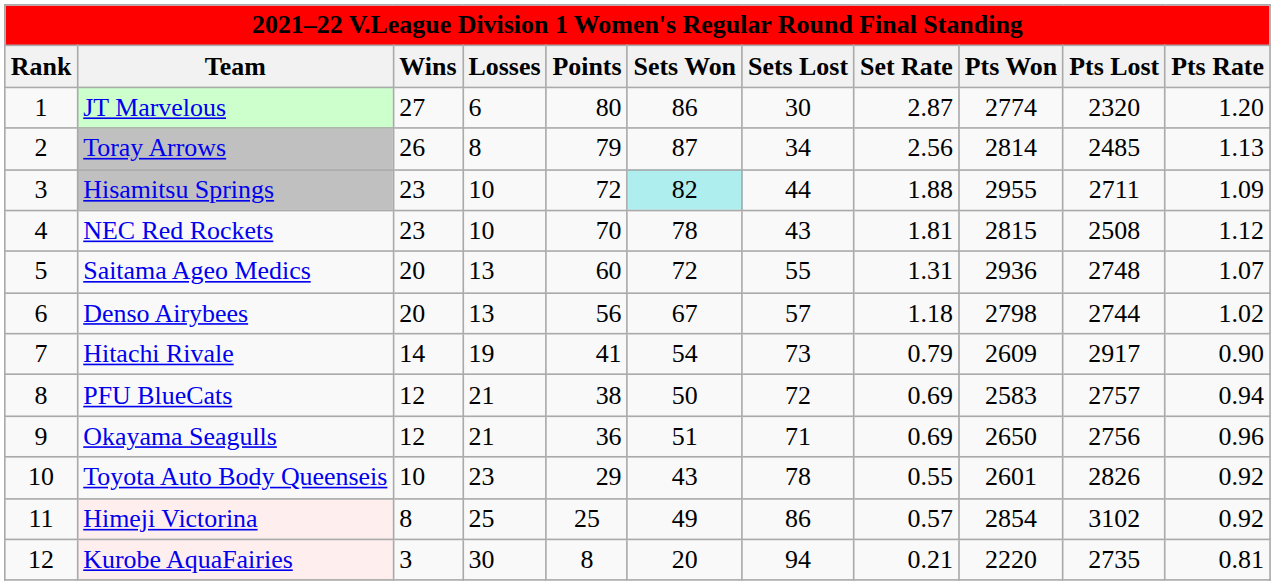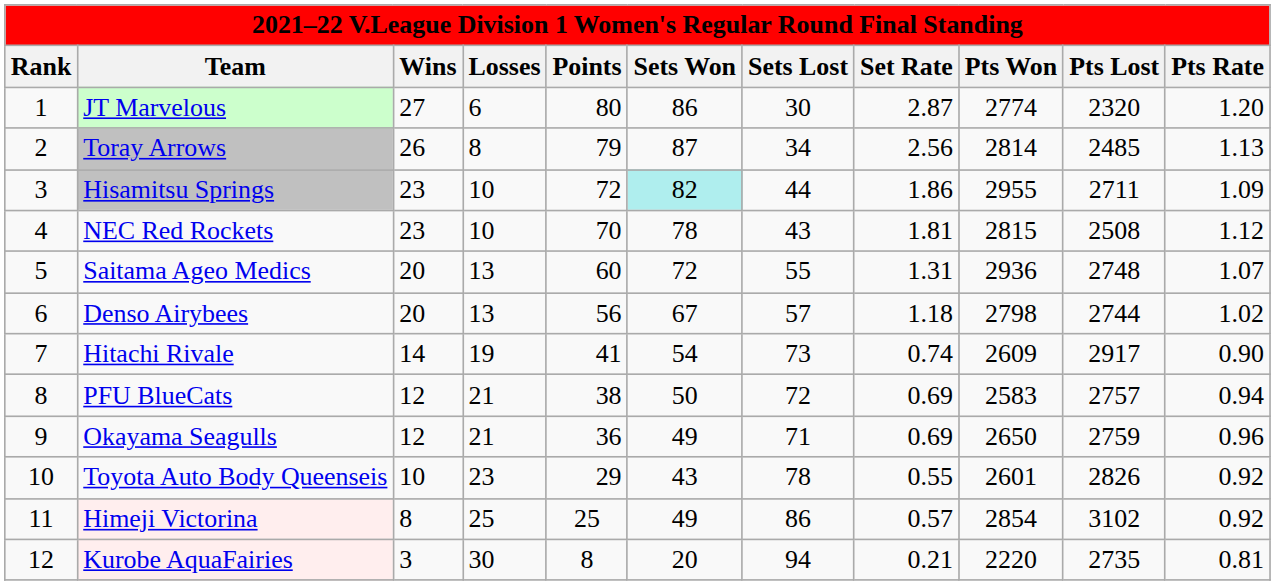 <table class="wikitable" text-align:left;">
 <tr>
 <th style=background:red colspan=11><span>2021–22 V.League Division 1 Women's Regular Round Final Standing</span></th>
 </tr>
 <tr>
 <th>Rank</th>
 <th>Team</th>
 <th>Wins</th>
 <th>Losses</th>
 <th>Points</th>
 <th>Sets Won</th>
 <th>Sets Lost</th>
 <th>Set Rate</th>
 <th>Pts Won</th>
 <th>Pts Lost</th>
 <th>Pts Rate</th>
 </tr>
 <tr>
 <td style="text-align:center;">1</td>
 <td style=background:#CCFFCC><a href='#'>JT Marvelous</a></td>
 <td>27</td>
 <td>6</td>
 <td style="text-align:right;">80</td>
 <td style="text-align:center;">86</td>
 <td style="text-align:center;">30</td>
 <td style="text-align:right;">2.87</td>
 <td style="text-align:center;">2774</td>
 <td style="text-align:center;">2320</td>
 <td style="text-align:right;">1.20</td>
 </tr>
 <tr>
 <td style="text-align:center;">2</td>
 <td style=background:#c0c0c0><a href='#'>Toray Arrows</a></td>
 <td>26</td>
 <td>8</td>
 <td style="text-align:right;">79</td>
 <td style="text-align:center;">87</td>
 <td style="text-align:center;">34</td>
 <td style="text-align:right;">2.56</td>
 <td style="text-align:center;">2814</td>
 <td style="text-align:center;">2485</td>
 <td style="text-align:right;">1.13</td>
 </tr>
 <tr>
 <td style="text-align:center;">3</td>
 <td style=background:#c0c0c0><a href='#'>Hisamitsu Springs</a></td>
 <td>23</td>
 <td>10</td>
 <td style="text-align:right;">72</td>
 <td style="background: paleturquoise; text-align:center;">82</td>
 <td style="text-align:center;">44</td>
-<td style="text-align:right;">1.88</td>
+<td style="text-align:right;">1.86</td>
 <td style="text-align:center;">2955</td>
 <td style="text-align:center;">2711</td>
 <td style="text-align:right;">1.09</td>
 </tr>
 <tr>
 <td style="text-align:center;”">4</td>
 <td><a href='#'>NEC Red Rockets</a></td>
 <td>23</td>
 <td>10</td>
 <td style="text-align:right;">70</td>
 <td style="text-align:center;">78</td>
 <td style="text-align:center;">43</td>
 <td style="text-align:right;">1.81</td>
 <td style="text-align:center;">2815</td>
 <td style="text-align:center;">2508</td>
 <td style="text-align:right;">1.12</td>
 </tr>
 <tr>
 <td style="text-align:center;">5</td>
 <td><a href='#'>Saitama Ageo Medics</a></td>
 <td>20</td>
 <td>13</td>
 <td style="text-align:right;">60</td>
 <td style="text-align:center;">72</td>
 <td style="text-align:center;">55</td>
 <td style="text-align:right;">1.31</td>
 <td style="text-align:center;">2936</td>
 <td style="text-align:center;">2748</td>
 <td style="text-align:right;">1.07</td>
 </tr>
 <tr>
 <td style="text-align:center;”">6</td>
 <td><a href='#'>Denso Airybees</a></td>
 <td>20</td>
 <td>13</td>
 <td style="text-align:right;">56</td>
 <td style="text-align:center;">67</td>
 <td style="text-align:center;">57</td>
 <td style="text-align:right;">1.18</td>
 <td style="text-align:center;">2798</td>
 <td style="text-align:center;">2744</td>
 <td style="text-align:right;">1.02</td>
 </tr>
 <tr>
 <td style="text-align:center;”">7</td>
 <td><a href='#'>Hitachi Rivale</a></td>
 <td>14</td>
 <td>19</td>
 <td style="text-align:right;">41</td>
 <td style="text-align:center;">54</td>
 <td style="text-align:center;">73</td>
-<td style="text-align:right;">0.79</td>
+<td style="text-align:right;">0.74</td>
 <td style="text-align:center;">2609</td>
 <td style="text-align:center;">2917</td>
 <td style="text-align:right;">0.90</td>
 </tr>
 <tr>
 <td style="text-align:center;”">8</td>
 <td><a href='#'>PFU BlueCats</a></td>
 <td>12</td>
 <td>21</td>
 <td style="text-align:right;">38</td>
 <td style="text-align:center;">50</td>
 <td style="text-align:center;">72</td>
 <td style="text-align:right;">0.69</td>
 <td style="text-align:center;">2583</td>
 <td style="text-align:center;">2757</td>
 <td style="text-align:right;">0.94</td>
 </tr>
 <tr>
 <td style="text-align:center;”">9</td>
 <td><a href='#'>Okayama Seagulls</a></td>
 <td>12</td>
 <td>21</td>
 <td style="text-align:right;">36</td>
-<td style="text-align:center;">51</td>
+<td style="text-align:center;">49</td>
 <td style="text-align:center;">71</td>
 <td style="text-align:right;">0.69</td>
 <td style="text-align:center;">2650</td>
-<td style="text-align:center;">2756</td>
+<td style="text-align:center;">2759</td>
 <td style="text-align:right;">0.96</td>
 </tr>
 <tr>
 <td style="text-align:center;”">10</td>
 <td><a href='#'>Toyota Auto Body Queenseis</a></td>
 <td>10</td>
 <td>23</td>
 <td style="text-align:right;">29</td>
 <td style="text-align:center;">43</td>
 <td style="text-align:center;">78</td>
 <td style="text-align:right;">0.55</td>
 <td style="text-align:center;">2601</td>
 <td style="text-align:center;">2826</td>
 <td style="text-align:right;">0.92</td>
 </tr>
 <tr>
 <td style="text-align:center;”">11</td>
 <td style=background:#FFEEEE><a href='#'>Himeji Victorina</a></td>
 <td>8</td>
 <td>25</td>
 <td style="text-align:center;">25</td>
 <td style="text-align:center;">49</td>
 <td style="text-align:center;">86</td>
 <td style="text-align:right;">0.57</td>
 <td style="text-align:center;">2854</td>
 <td style="text-align:center;">3102</td>
 <td style="text-align:right;">0.92</td>
 </tr>
 <tr>
 <td style="text-align:center;”">12</td>
 <td style=background:#FFEEEE><a href='#'>Kurobe AquaFairies</a></td>
 <td>3</td>
 <td>30</td>
 <td style="text-align:center;">8</td>
 <td style="text-align:center;">20</td>
 <td style="text-align:center;">94</td>
 <td style="text-align:right;">0.21</td>
 <td style="text-align:center;">2220</td>
 <td style="text-align:center;">2735</td>
 <td style="text-align:right;">0.81</td>
 </tr>
 </table>
